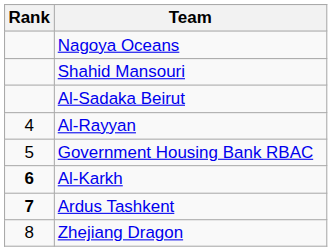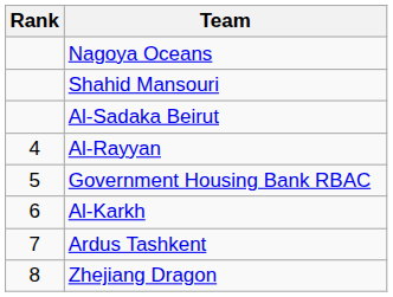 <table class="wikitable" style="text-align:center;">
 <tr>
 <th width=20>Rank</th>
 <th width=250>Team</th>
 </tr>
 <tr>
 <td></td>
 <td style="text-align:left;"> <a href='#'>Nagoya Oceans</a></td>
 </tr>
 <tr>
 <td></td>
 <td style="text-align:left;"> <a href='#'>Shahid Mansouri</a></td>
 </tr>
 <tr>
 <td></td>
 <td style="text-align:left;"> <a href='#'>Al-Sadaka Beirut</a></td>
 </tr>
 <tr>
 <td>4</td>
 <td style="text-align:left;"> <a href='#'>Al-Rayyan</a></td>
 </tr>
 <tr>
 <td>5</td>
 <td style="text-align:left;"> <a href='#'>Government Housing Bank RBAC</a></td>
 </tr>
 <tr>
-<td><strong>6</strong></td>
+<td>6</td>
 <td style="text-align:left;"> <a href='#'>Al-Karkh</a></td>
 </tr>
 <tr>
-<td><strong>7</strong></td>
+<td>7</td>
 <td style="text-align:left;"> <a href='#'>Ardus Tashkent</a></td>
 </tr>
 <tr>
 <td>8</td>
 <td style="text-align:left;"> <a href='#'>Zhejiang Dragon</a></td>
 </tr>
 </table>
